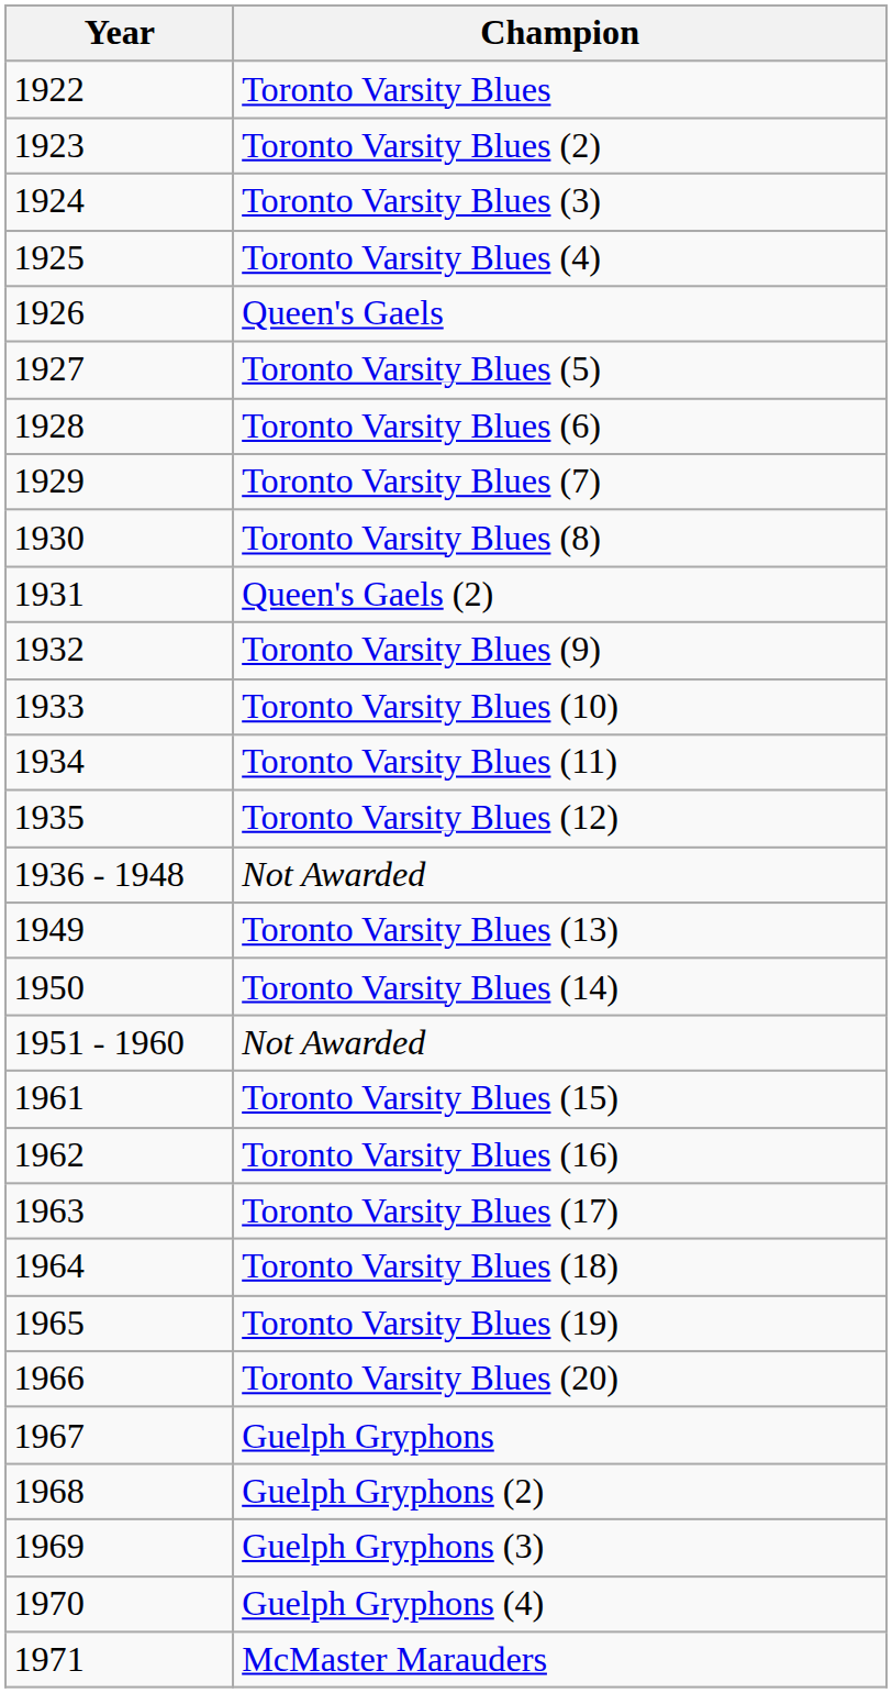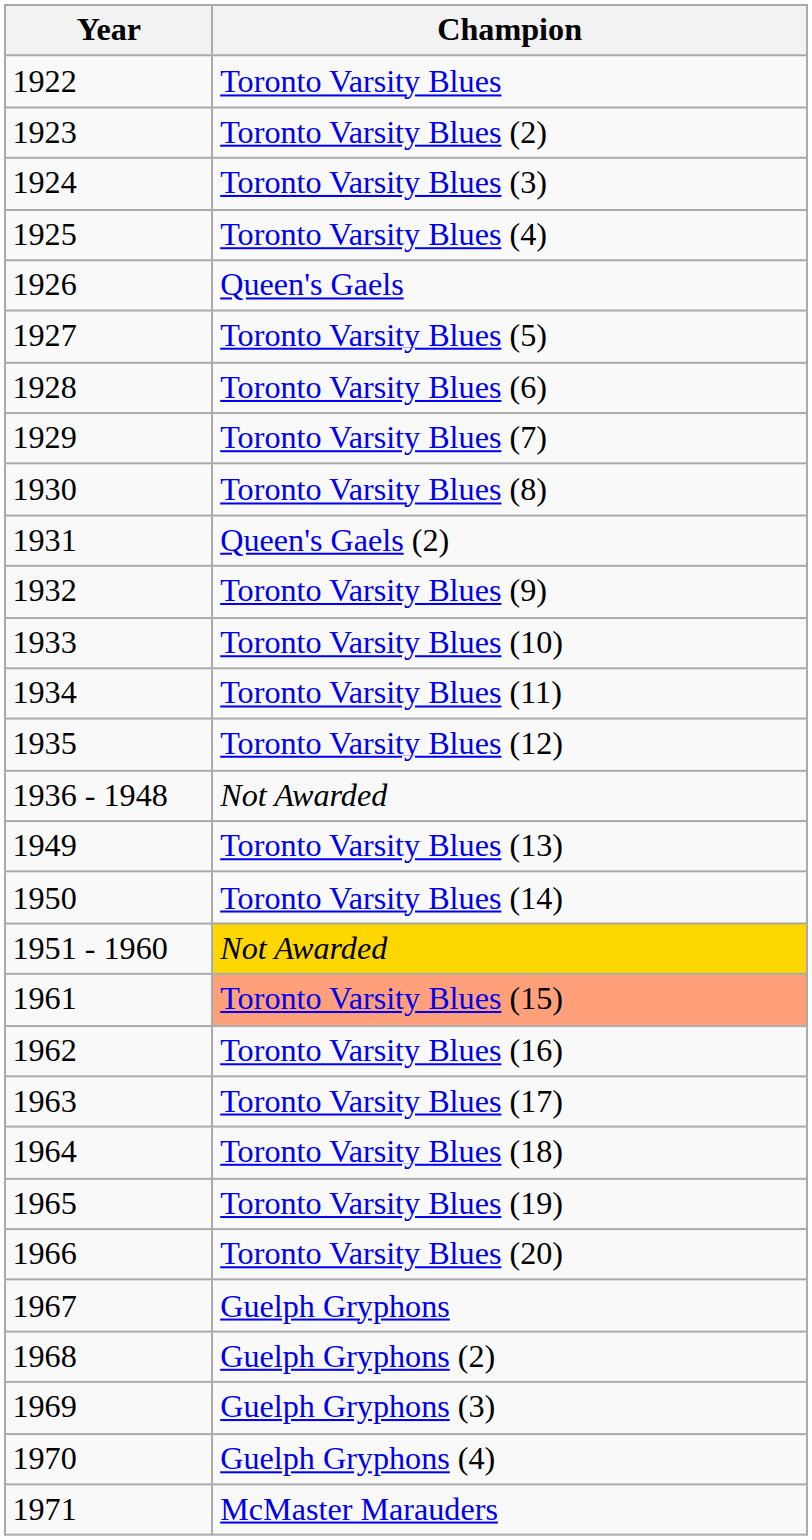 <table class="wikitable">
 <tr>
 <th>Year</th>
 <th>Champion</th>
 </tr>
 <tr>
 <td style="width:6em">1922</td>
 <td style="width:18em"><a href='#'>Toronto Varsity Blues</a></td>
 </tr>
 <tr>
 <td>1923</td>
 <td><a href='#'>Toronto Varsity Blues</a> (2)</td>
 </tr>
 <tr>
 <td>1924</td>
 <td><a href='#'>Toronto Varsity Blues</a> (3)</td>
 </tr>
 <tr>
 <td>1925</td>
 <td><a href='#'>Toronto Varsity Blues</a> (4)</td>
 </tr>
 <tr>
 <td>1926</td>
 <td><a href='#'>Queen's Gaels</a></td>
 </tr>
 <tr>
 <td>1927</td>
 <td><a href='#'>Toronto Varsity Blues</a> (5)</td>
 </tr>
 <tr>
 <td>1928</td>
 <td><a href='#'>Toronto Varsity Blues</a> (6)</td>
 </tr>
 <tr>
 <td>1929</td>
 <td><a href='#'>Toronto Varsity Blues</a> (7)</td>
 </tr>
 <tr>
 <td>1930</td>
 <td><a href='#'>Toronto Varsity Blues</a> (8)</td>
 </tr>
 <tr>
 <td>1931</td>
 <td><a href='#'>Queen's Gaels</a> (2)</td>
 </tr>
 <tr>
 <td>1932</td>
 <td><a href='#'>Toronto Varsity Blues</a> (9)</td>
 </tr>
 <tr>
 <td>1933</td>
 <td><a href='#'>Toronto Varsity Blues</a> (10)</td>
 </tr>
 <tr>
 <td>1934</td>
 <td><a href='#'>Toronto Varsity Blues</a> (11)</td>
 </tr>
 <tr>
 <td>1935</td>
 <td><a href='#'>Toronto Varsity Blues</a> (12)</td>
 </tr>
 <tr>
 <td>1936 - 1948</td>
 <td><em>Not Awarded</em></td>
 </tr>
 <tr>
 <td>1949</td>
 <td><a href='#'>Toronto Varsity Blues</a> (13)</td>
 </tr>
 <tr>
 <td>1950</td>
 <td><a href='#'>Toronto Varsity Blues</a> (14)</td>
 </tr>
 <tr>
 <td>1951 - 1960</td>
-<td><em>Not Awarded</em></td>
+<td style="background: gold;"><em>Not Awarded</em></td>
 </tr>
 <tr>
 <td>1961</td>
-<td><a href='#'>Toronto Varsity Blues</a> (15)</td>
+<td style="background: lightsalmon;"><a href='#'>Toronto Varsity Blues</a> (15)</td>
 </tr>
 <tr>
 <td>1962</td>
 <td><a href='#'>Toronto Varsity Blues</a> (16)</td>
 </tr>
 <tr>
 <td>1963</td>
 <td><a href='#'>Toronto Varsity Blues</a> (17)</td>
 </tr>
 <tr>
 <td>1964</td>
 <td><a href='#'>Toronto Varsity Blues</a> (18)</td>
 </tr>
 <tr>
 <td>1965</td>
 <td><a href='#'>Toronto Varsity Blues</a> (19)</td>
 </tr>
 <tr>
 <td>1966</td>
 <td><a href='#'>Toronto Varsity Blues</a> (20)</td>
 </tr>
 <tr>
 <td>1967</td>
 <td><a href='#'>Guelph Gryphons</a></td>
 </tr>
 <tr>
 <td>1968</td>
 <td><a href='#'>Guelph Gryphons</a> (2)</td>
 </tr>
 <tr>
 <td>1969</td>
 <td><a href='#'>Guelph Gryphons</a> (3)</td>
 </tr>
 <tr>
 <td>1970</td>
 <td><a href='#'>Guelph Gryphons</a> (4)</td>
 </tr>
 <tr>
 <td>1971</td>
 <td><a href='#'>McMaster Marauders</a></td>
 </tr>
 </table>
